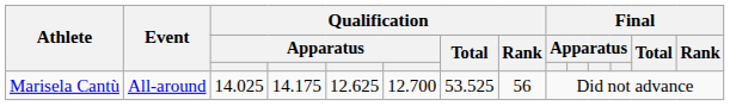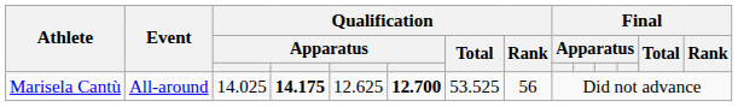 <table class="wikitable" style="font-size:90%">
 <tr>
 <th rowspan="3">Athlete</th>
 <th rowspan="3">Event</th>
 <th colspan=6>Qualification</th>
 <th colspan=6>Final</th>
 </tr>
 <tr style="font-size:95%">
 <th colspan=4>Apparatus</th>
 <th rowspan=2>Total</th>
 <th rowspan=2>Rank</th>
 <th colspan=4>Apparatus</th>
 <th rowspan=2>Total</th>
 <th rowspan=2>Rank</th>
 </tr>
 <tr style="font-size:95%">
 <th></th>
 <th></th>
 <th></th>
 <th></th>
 <th></th>
 <th></th>
 <th></th>
 <th></th>
 </tr>
 <tr align=center>
 <td align=left><a href='#'>Marisela Cantù</a></td>
 <td align=left><a href='#'>All-around</a></td>
 <td>14.025</td>
-<td>14.175</td>
+<td><strong>14.175</strong></td>
 <td>12.625</td>
-<td>12.700</td>
+<td><strong>12.700</strong></td>
 <td>53.525</td>
 <td>56</td>
 <td colspan=6>Did not advance</td>
 </tr>
 </table>
